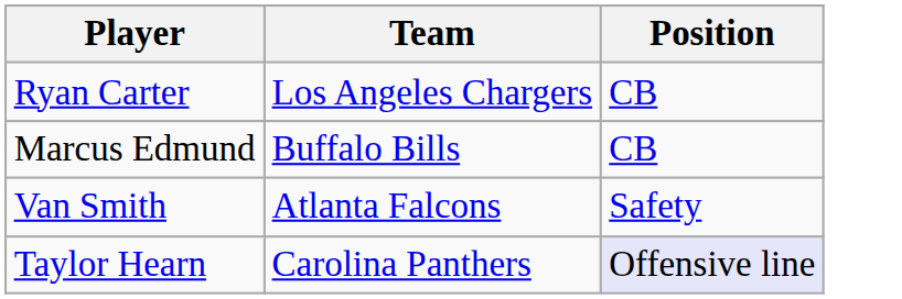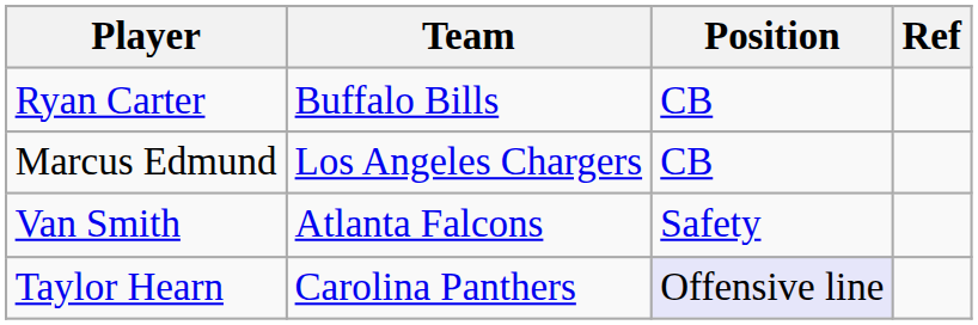 <table class="wikitable">
 <tr>
 <th>Player</th>
 <th>Team</th>
 <th>Position</th>
+<th>Ref</th>
 </tr>
 <tr>
 <td><a href='#'>Ryan Carter</a></td>
-<td><a href='#'>Los Angeles Chargers</a></td>
+<td><a href='#'>Buffalo Bills</a></td>
 <td><a href='#'>CB</a></td>
+<td></td>
 </tr>
 <tr>
 <td>Marcus Edmund</td>
-<td><a href='#'>Buffalo Bills</a></td>
+<td><a href='#'>Los Angeles Chargers</a></td>
 <td><a href='#'>CB</a></td>
+<td></td>
 </tr>
 <tr>
 <td><a href='#'>Van Smith</a></td>
 <td><a href='#'>Atlanta Falcons</a></td>
 <td><a href='#'>Safety</a></td>
+<td></td>
 </tr>
 <tr>
 <td><a href='#'>Taylor Hearn</a></td>
 <td><a href='#'>Carolina Panthers</a></td>
 <td style="background: lavender;">Offensive line</td>
+<td></td>
 </tr>
 </table>
